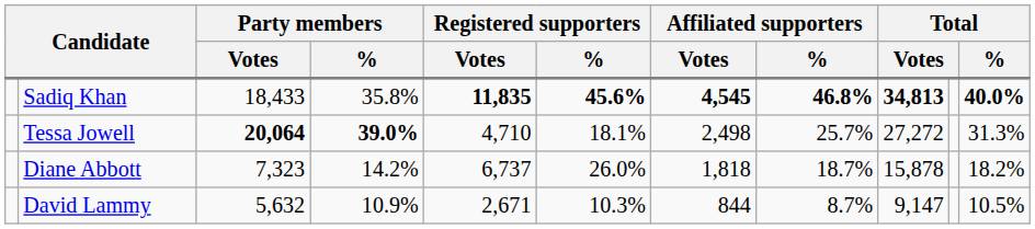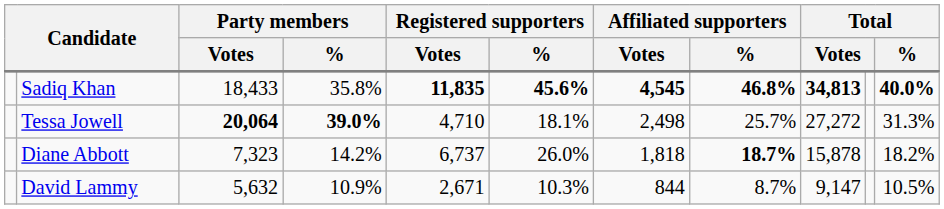 <table class="wikitable" style="font-size: 95%;">
 <tr>
 <th colspan="2" scope="col" rowspan="2" width="125">Candidate</th>
 <th scope="col" colspan="2" width="150">Party members</th>
 <th scope="col" colspan="2" width="150">Registered supporters</th>
 <th scope="col" colspan="2" width="150">Affiliated supporters</th>
 <th scope="col" colspan="3" width="75">Total</th>
 </tr>
 <tr style="background-color:#E9E9E9; border-bottom: 2px solid gray;">
 <th>Votes</th>
 <th>%</th>
 <th>Votes</th>
 <th>%</th>
 <th>Votes</th>
 <th>%</th>
 <th scope="col" colspan="2">Votes</th>
 <th>%</th>
 </tr>
 <tr align="right">
 <td style="background-color: "></td>
 <td scope="row" align="left"><a href='#'>Sadiq Khan</a></td>
 <td>18,433</td>
 <td>35.8%</td>
 <td><strong>11,835</strong></td>
 <td><strong>45.6%</strong></td>
 <td><strong>4,545</strong></td>
 <td><strong>46.8%</strong></td>
 <td><strong>34,813</strong></td>
 <td align=center></td>
 <td><strong>40.0%</strong></td>
 </tr>
 <tr align="right">
 <td style="background-color: "></td>
 <td scope="row" align="left"><a href='#'>Tessa Jowell</a></td>
 <td><strong>20,064</strong></td>
 <td><strong>39.0%</strong></td>
 <td>4,710</td>
 <td>18.1%</td>
 <td>2,498</td>
 <td>25.7%</td>
 <td>27,272</td>
 <td align=center></td>
 <td>31.3%</td>
 </tr>
 <tr align="right">
 <td style="background-color: "></td>
 <td scope="row" align="left"><a href='#'>Diane Abbott</a></td>
 <td>7,323</td>
 <td>14.2%</td>
 <td>6,737</td>
 <td>26.0%</td>
 <td>1,818</td>
-<td>18.7%</td>
+<td><strong>18.7%</strong></td>
 <td>15,878</td>
 <td align=center></td>
 <td>18.2%</td>
 </tr>
 <tr align="right">
 <td style="background-color: "></td>
 <td scope="row" align="left"><a href='#'>David Lammy</a></td>
 <td>5,632</td>
 <td>10.9%</td>
 <td>2,671</td>
 <td>10.3%</td>
 <td>844</td>
 <td>8.7%</td>
 <td>9,147</td>
 <td align=center></td>
 <td>10.5%</td>
 </tr>
 </table>
